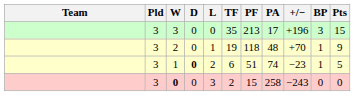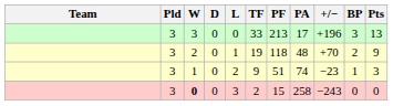 <table class="wikitable" style="text-align:center">
 <tr>
 <th width="200">Team</th>
 <th width="20">Pld</th>
 <th width="20">W</th>
 <th width="20">D</th>
 <th width="20">L</th>
 <th width="20">TF</th>
 <th width="20">PF</th>
 <th width="20">PA</th>
 <th width="25">+/−</th>
 <th width="20">BP</th>
 <th width="20">Pts</th>
 </tr>
 <tr style="background:#cfc;">
 <td align="left"></td>
 <td>3</td>
 <td>3</td>
 <td>0</td>
 <td>0</td>
-<td>35</td>
+<td>33</td>
 <td>213</td>
 <td>17</td>
 <td>+196</td>
 <td>3</td>
-<td>15</td>
+<td>13</td>
 </tr>
 <tr style="background:#ffc;">
 <td align="left"></td>
 <td>3</td>
 <td>2</td>
 <td>0</td>
 <td>1</td>
 <td>19</td>
 <td>118</td>
 <td>48</td>
 <td>+70</td>
-<td>1</td>
+<td>2</td>
 <td>9</td>
 </tr>
 <tr style="background:#ffc;">
 <td align="left"></td>
 <td>3</td>
 <td>1</td>
-<td><strong>0</strong></td>
+<td>0</td>
 <td>2</td>
-<td>6</td>
+<td>9</td>
 <td>51</td>
 <td>74</td>
 <td>−23</td>
 <td>1</td>
-<td>5</td>
+<td>3</td>
 </tr>
 <tr style="background:#fcc;">
 <td align="left"></td>
 <td>3</td>
 <td><strong>0</strong></td>
 <td>0</td>
 <td>3</td>
 <td>2</td>
 <td>15</td>
 <td>258</td>
 <td>−243</td>
 <td>0</td>
 <td>0</td>
 </tr>
 </table>
